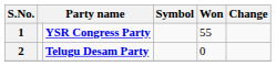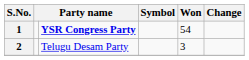 <table CLASS="sortable wikitable">
 <tr>
 <th>S.No.</th>
 <th colspan=2>Party name</th>
 <th>Symbol</th>
 <th>Won</th>
 <th>Change</th>
 </tr>
 <tr>
 <th>1</th>
 <td></td>
 <td><strong><a href='#'>YSR Congress Party</a></strong></td>
 <td></td>
-<td>55</td>
+<td>54</td>
 <td></td>
 </tr>
 <tr>
 <th>2</th>
 <td></td>
-<td><strong><a href='#'>Telugu Desam Party</a></strong></td>
+<td><a href='#'>Telugu Desam Party</a></td>
 <td></td>
-<td>0</td>
+<td>3</td>
 <td></td>
 </tr>
 <tr>
 </tr>
 </table>
